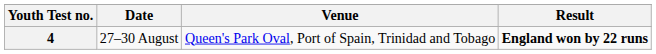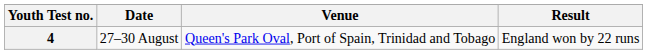 <table class="wikitable">
 <tr>
 </tr>
 <tr>
 <th scope="col">Youth Test no.</th>
 <th scope="col">Date</th>
 <th scope="col">Venue</th>
 <th scope="col">Result</th>
 </tr>
 <tr>
 <th scope="row">4</th>
 <td>27–30 August</td>
 <td><a href='#'>Queen's Park Oval</a>, Port of Spain, Trinidad and Tobago</td>
-<td><strong>England won by 22 runs</strong></td>
+<td>England won by 22 runs</td>
 </tr>
 </table>
